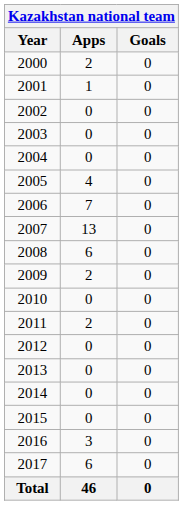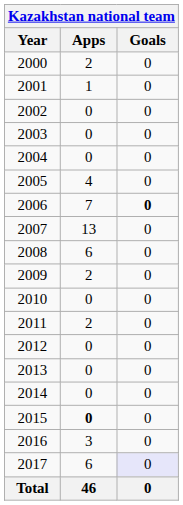 <table class="wikitable" style="text-align:center">
 <tr>
 <th colspan=3><a href='#'>Kazakhstan national team</a></th>
 </tr>
 <tr>
 <th>Year</th>
 <th>Apps</th>
 <th>Goals</th>
 </tr>
 <tr>
 <td>2000</td>
 <td>2</td>
 <td>0</td>
 </tr>
 <tr>
 <td>2001</td>
 <td>1</td>
 <td>0</td>
 </tr>
 <tr>
 <td>2002</td>
 <td>0</td>
 <td>0</td>
 </tr>
 <tr>
 <td>2003</td>
 <td>0</td>
 <td>0</td>
 </tr>
 <tr>
 <td>2004</td>
 <td>0</td>
 <td>0</td>
 </tr>
 <tr>
 <td>2005</td>
 <td>4</td>
 <td>0</td>
 </tr>
 <tr>
 <td>2006</td>
 <td>7</td>
-<td>0</td>
+<td><strong>0</strong></td>
 </tr>
 <tr>
 <td>2007</td>
 <td>13</td>
 <td>0</td>
 </tr>
 <tr>
 <td>2008</td>
 <td>6</td>
 <td>0</td>
 </tr>
 <tr>
 <td>2009</td>
 <td>2</td>
 <td>0</td>
 </tr>
 <tr>
 <td>2010</td>
 <td>0</td>
 <td>0</td>
 </tr>
 <tr>
 <td>2011</td>
 <td>2</td>
 <td>0</td>
 </tr>
 <tr>
 <td>2012</td>
 <td>0</td>
 <td>0</td>
 </tr>
 <tr>
 <td>2013</td>
 <td>0</td>
 <td>0</td>
 </tr>
 <tr>
 <td>2014</td>
 <td>0</td>
 <td>0</td>
 </tr>
 <tr>
 <td>2015</td>
-<td>0</td>
+<td><strong>0</strong></td>
 <td>0</td>
 </tr>
 <tr>
 <td>2016</td>
 <td>3</td>
 <td>0</td>
 </tr>
 <tr>
 <td>2017</td>
 <td>6</td>
-<td>0</td>
+<td style="background: lavender;">0</td>
 </tr>
 <tr>
 <th>Total</th>
 <th>46</th>
 <th>0</th>
 </tr>
 </table>
